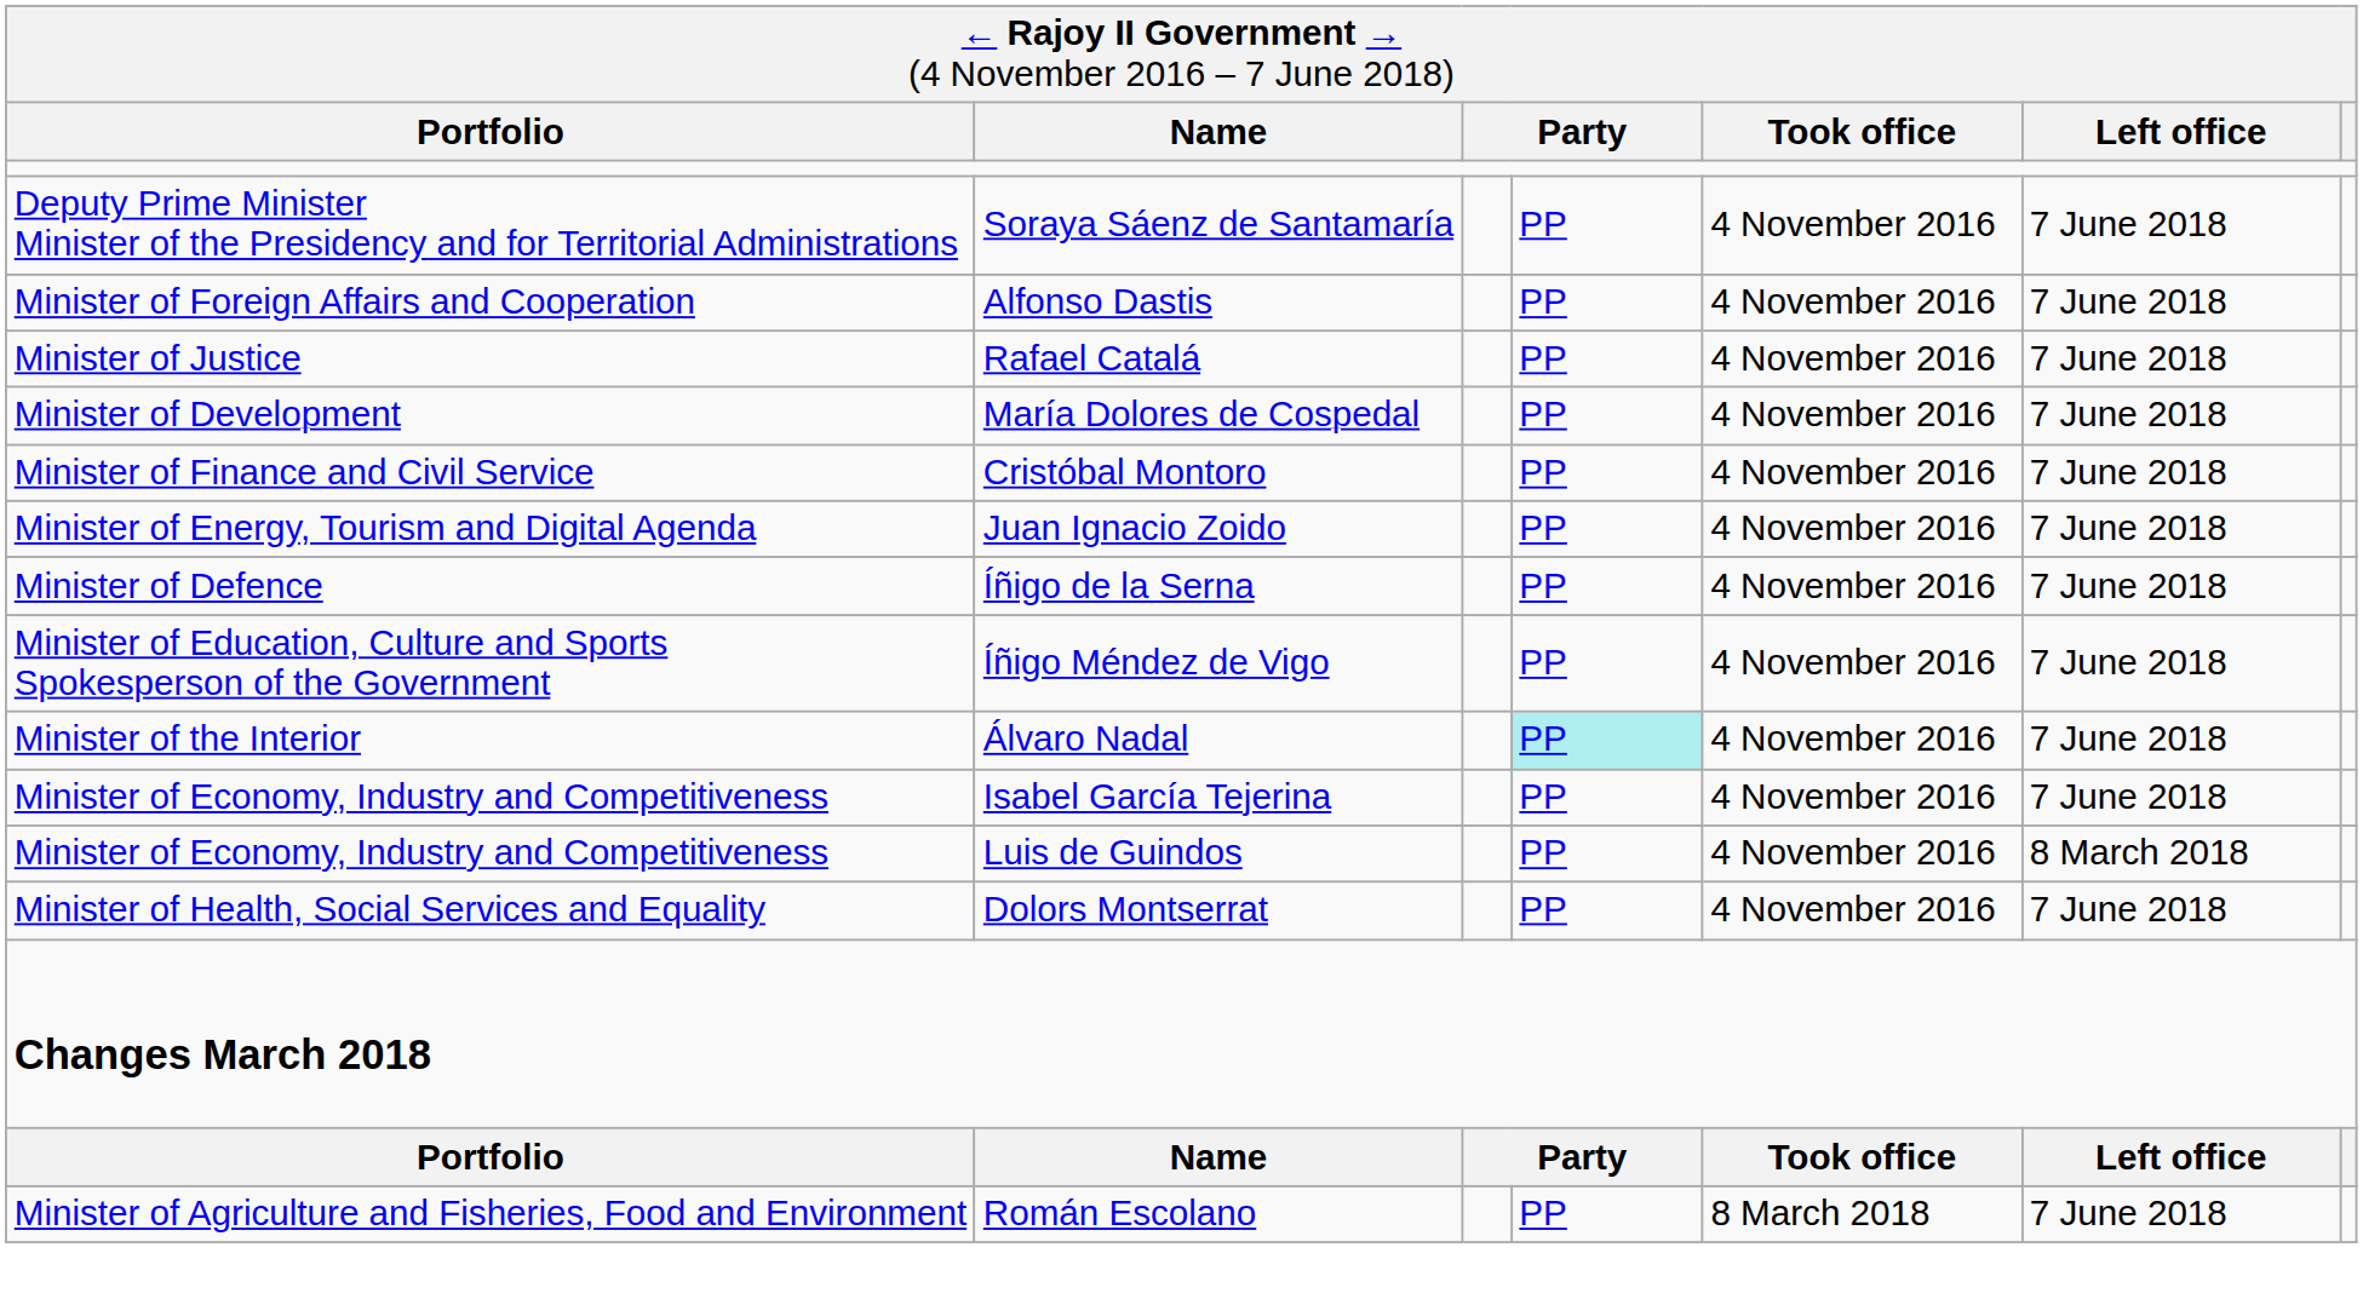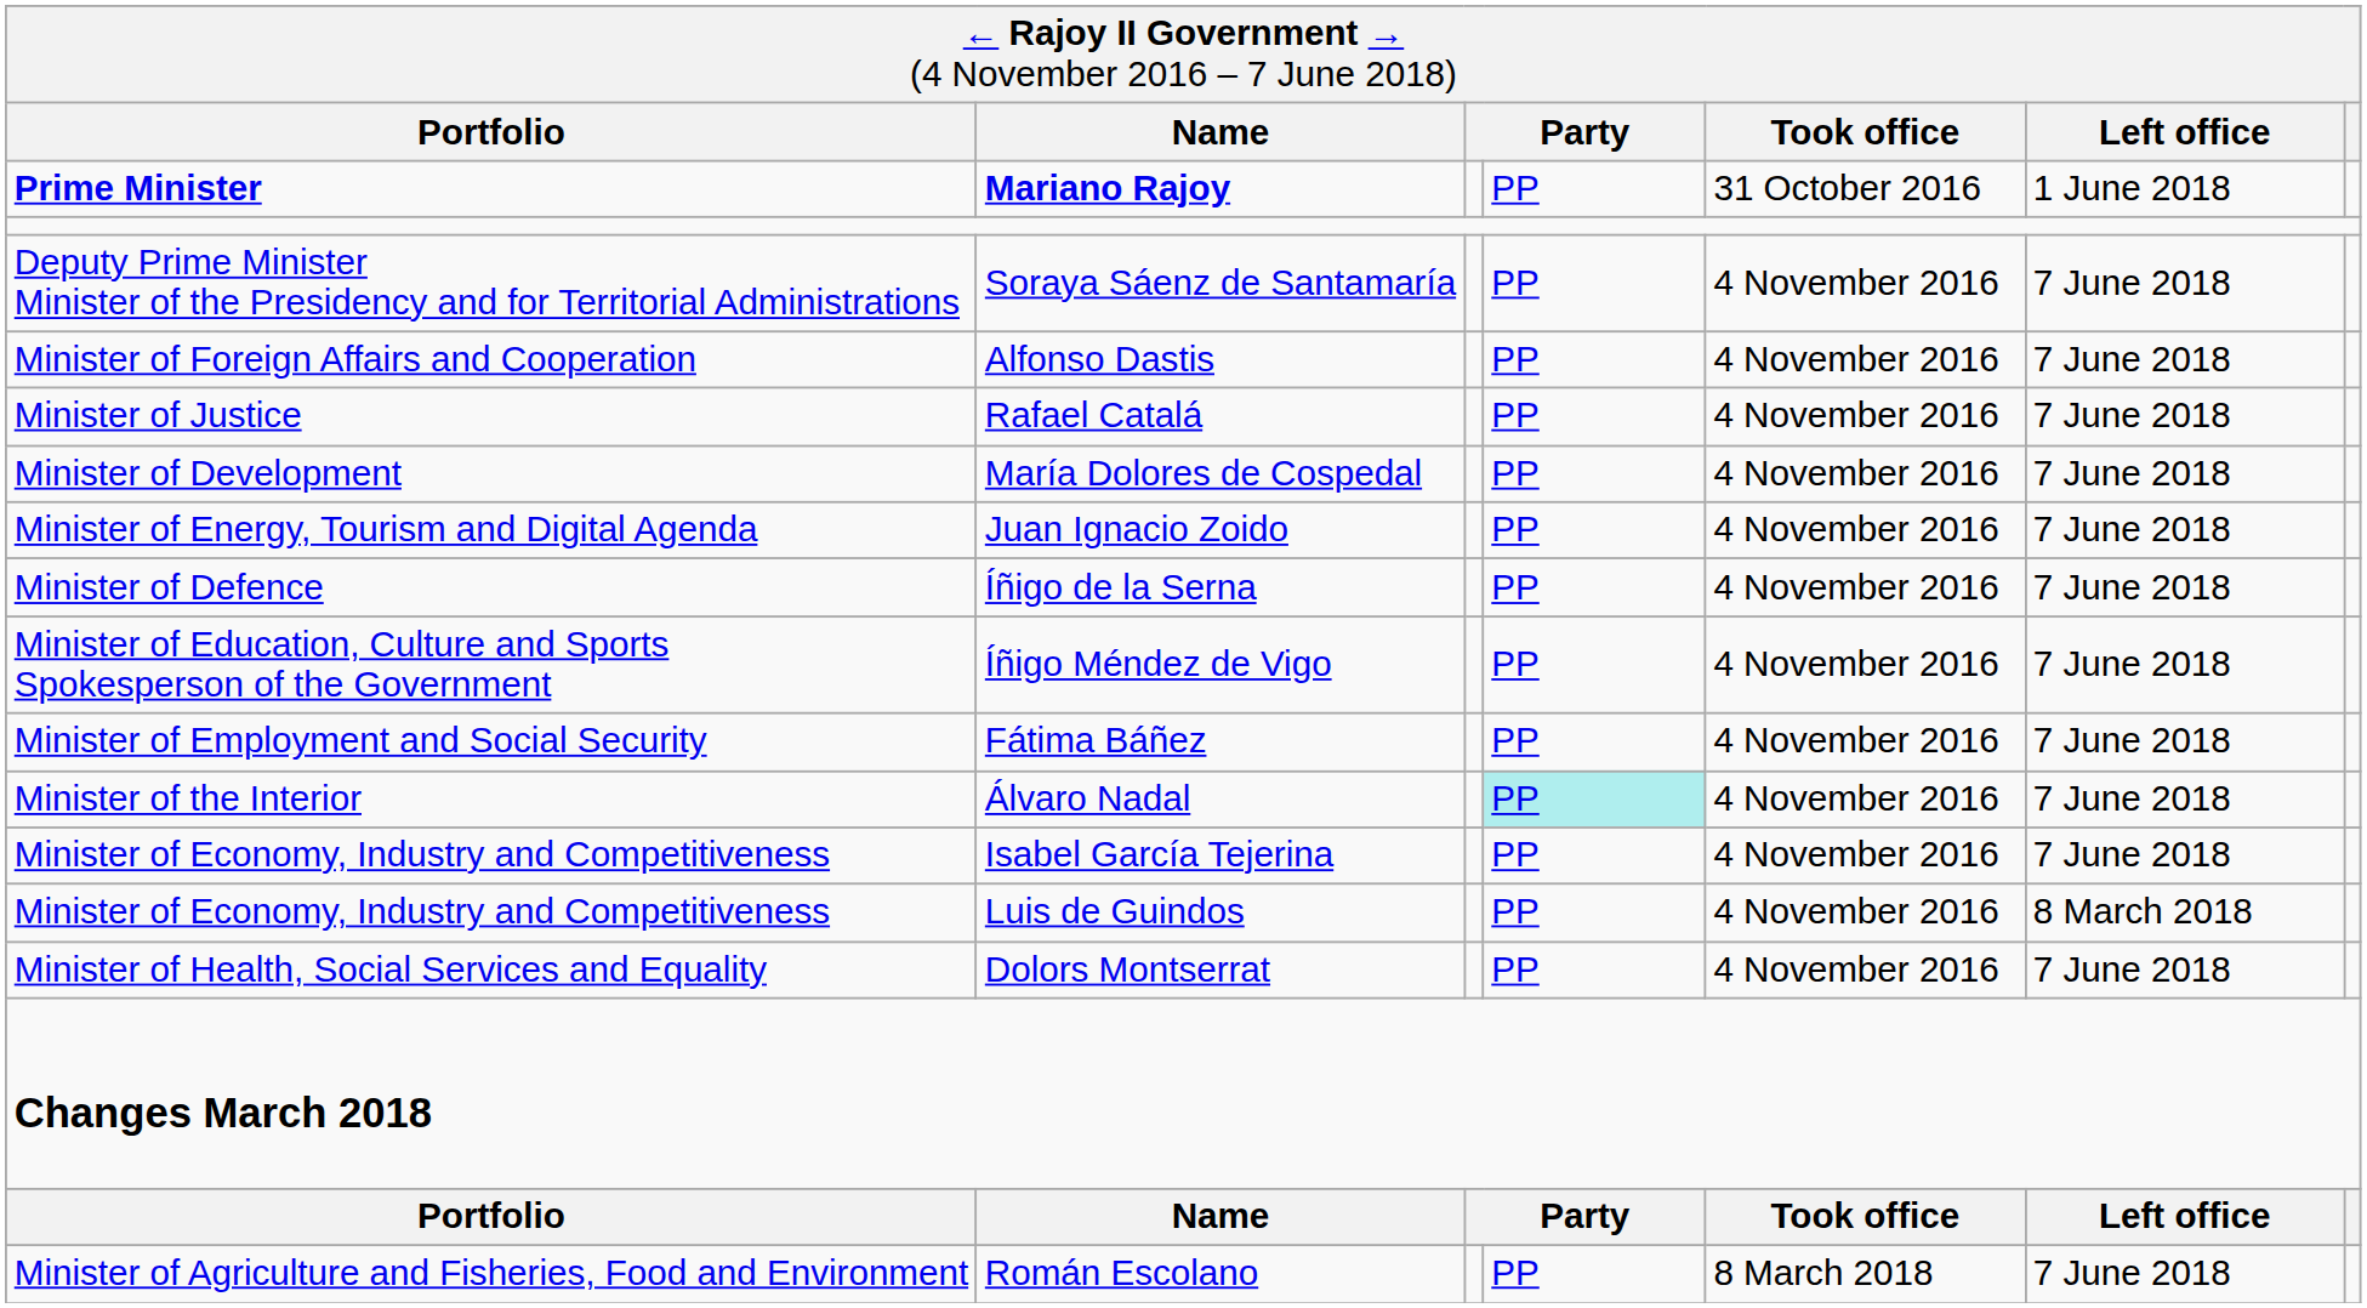 <table class="wikitable">
 <tr>
 <td colspan="7" bgcolor="#F2F2F2" align="center"><a href='#'>←</a> <strong>Rajoy II Government</strong> <a href='#'>→</a><br>(4 November 2016 – 7 June 2018)</td>
 </tr>
 <tr>
 <th>Portfolio</th>
 <th>Name</th>
 <th width="100px" colspan="2">Party</th>
 <th width="135px">Took office</th>
 <th width="135px">Left office</th>
 <th></th>
+</tr>
+<tr>
+<td><strong><a href='#'>Prime Minister</a></strong></td>
+<td><strong><a href='#'>Mariano Rajoy</a></strong></td>
+<td width="1" style="background-color:"></td>
+<td><a href='#'>PP</a></td>
+<td>31 October 2016</td>
+<td>1 June 2018</td>
+<td align="center"></td>
 </tr>
 <tr>
 <td colspan="7"></td>
 </tr>
 <tr>
 <td><a href='#'>Deputy Prime Minister</a><br><a href='#'>Minister of the Presidency and for Territorial Administrations</a></td>
 <td><a href='#'>Soraya Sáenz de Santamaría</a></td>
 <td style="background-color:"></td>
 <td><a href='#'>PP</a></td>
 <td>4 November 2016</td>
 <td>7 June 2018</td>
 <td align="center"><br></td>
 </tr>
 <tr>
 <td><a href='#'>Minister of Foreign Affairs and Cooperation</a></td>
 <td><a href='#'>Alfonso Dastis</a></td>
 <td style="background-color:"></td>
 <td><a href='#'>PP</a> </td>
 <td>4 November 2016</td>
 <td>7 June 2018</td>
 <td align="center"></td>
 </tr>
 <tr>
 <td><a href='#'>Minister of Justice</a></td>
 <td><a href='#'>Rafael Catalá</a></td>
 <td style="background-color:"></td>
 <td><a href='#'>PP</a></td>
 <td>4 November 2016</td>
 <td>7 June 2018</td>
 <td align="center"></td>
 </tr>
 <tr>
 <td><a href='#'>Minister of Development</a></td>
 <td><a href='#'>María Dolores de Cospedal</a></td>
 <td style="background-color:"></td>
 <td><a href='#'>PP</a></td>
 <td>4 November 2016</td>
 <td>7 June 2018</td>
 <td align="center"></td>
 </tr>
 <tr>
-<td><a href='#'>Minister of Finance and Civil Service</a></td>
-<td><a href='#'>Cristóbal Montoro</a></td>
-<td style="background-color:"></td>
-<td><a href='#'>PP</a></td>
-<td>4 November 2016</td>
-<td>7 June 2018</td>
-<td align="center"></td>
-</tr>
-<tr>
 <td><a href='#'>Minister of Energy, Tourism and Digital Agenda</a></td>
 <td><a href='#'>Juan Ignacio Zoido</a></td>
 <td style="background-color:"></td>
 <td><a href='#'>PP</a></td>
 <td>4 November 2016</td>
 <td>7 June 2018</td>
 <td align="center"></td>
 </tr>
 <tr>
 <td><a href='#'>Minister of Defence</a></td>
 <td><a href='#'>Íñigo de la Serna</a></td>
 <td style="background-color:"></td>
 <td><a href='#'>PP</a></td>
 <td>4 November 2016</td>
 <td>7 June 2018</td>
 <td align="center"></td>
 </tr>
 <tr>
 <td><a href='#'>Minister of Education, Culture and Sports</a><br><a href='#'>Spokesperson of the Government</a></td>
 <td><a href='#'>Íñigo Méndez de Vigo</a></td>
 <td style="background-color:"></td>
 <td><a href='#'>PP</a></td>
 <td>4 November 2016</td>
 <td>7 June 2018</td>
 <td align="center"><br></td>
+</tr>
+<tr>
+<td><a href='#'>Minister of Employment and Social Security</a></td>
+<td><a href='#'>Fátima Báñez</a></td>
+<td style="background-color:"></td>
+<td><a href='#'>PP</a></td>
+<td>4 November 2016</td>
+<td>7 June 2018</td>
+<td align="center"></td>
 </tr>
 <tr>
 <td><a href='#'>Minister of the Interior</a></td>
 <td><a href='#'>Álvaro Nadal</a></td>
 <td style="background-color:"></td>
 <td style="background: paleturquoise;"><a href='#'>PP</a></td>
 <td>4 November 2016</td>
 <td>7 June 2018</td>
 <td align="center"></td>
 </tr>
 <tr>
 <td><a href='#'>Minister of Economy, Industry and Competitiveness</a></td>
 <td><a href='#'>Isabel García Tejerina</a></td>
 <td style="background-color:"></td>
 <td><a href='#'>PP</a></td>
 <td>4 November 2016</td>
 <td>7 June 2018</td>
 <td align="center"></td>
 </tr>
 <tr>
 <td><a href='#'>Minister of Economy, Industry and Competitiveness</a></td>
 <td><a href='#'>Luis de Guindos</a></td>
 <td style="background-color:"></td>
 <td><a href='#'>PP</a> </td>
 <td>4 November 2016</td>
 <td>8 March 2018</td>
 <td align="center"></td>
 </tr>
 <tr>
 <td><a href='#'>Minister of Health, Social Services and Equality</a></td>
 <td><a href='#'>Dolors Montserrat</a></td>
 <td style="background-color:"></td>
 <td><a href='#'>PP</a></td>
 <td>4 November 2016</td>
 <td>7 June 2018</td>
 <td align="center"></td>
 </tr>
 <tr>
 <td colspan="7"><br><h3>Changes March 2018</h3></td>
 </tr>
 <tr>
 <th>Portfolio</th>
 <th>Name</th>
 <th colspan="2">Party</th>
 <th>Took office</th>
 <th>Left office</th>
 <th></th>
 </tr>
 <tr>
 <td><a href='#'>Minister of Agriculture and Fisheries, Food and Environment</a></td>
 <td><a href='#'>Román Escolano</a></td>
 <td style="background-color:"></td>
 <td><a href='#'>PP</a> </td>
 <td>8 March 2018</td>
 <td>7 June 2018</td>
 <td align="center"></td>
 </tr>
 </table>
